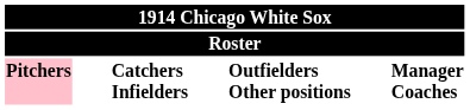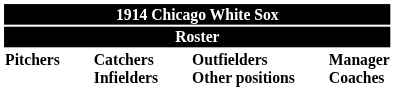 <table class="toccolours" style="font-size: 95%;">
 <tr>
 <th colspan="10" style="background-color: black; color: white; text-align: center;">1914 Chicago White Sox</th>
 </tr>
 <tr>
 <td colspan="10" style="background-color: black; color: white; text-align: center;"><strong>Roster</strong></td>
 </tr>
 <tr>
-<td valign="top" style="background: pink;"><strong>Pitchers</strong><br>        </td>
+<td valign="top"><strong>Pitchers</strong><br>        </td>
 <td width="25px"></td>
 <td valign="top"><strong>Catchers</strong><br>    <strong>Infielders</strong>          </td>
 <td width="25px"></td>
 <td valign="top"><strong>Outfielders</strong><br>          <strong>Other positions</strong>  </td>
 <td width="25px"></td>
 <td valign="top"><strong>Manager</strong><br> <strong>Coaches</strong> </td>
 </tr>
 </table>
